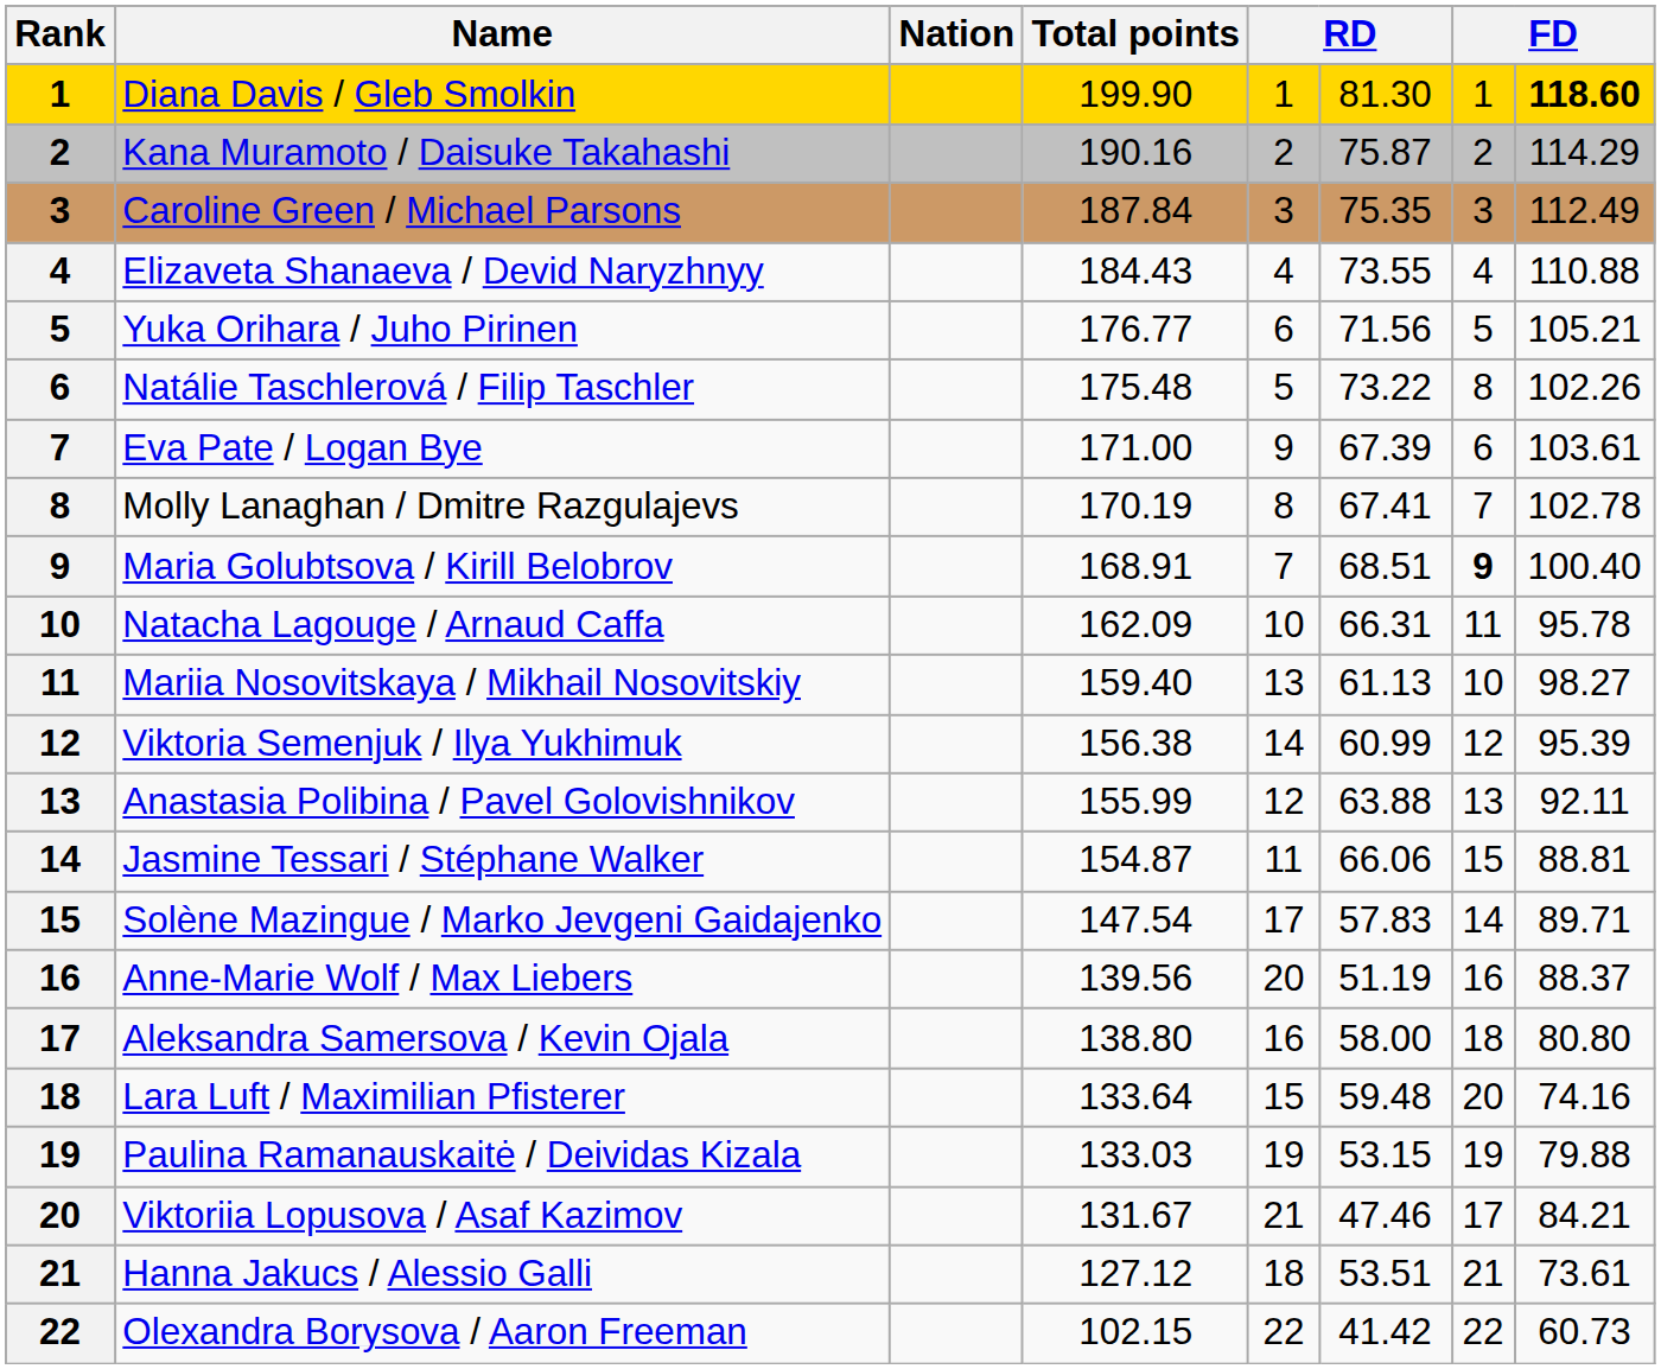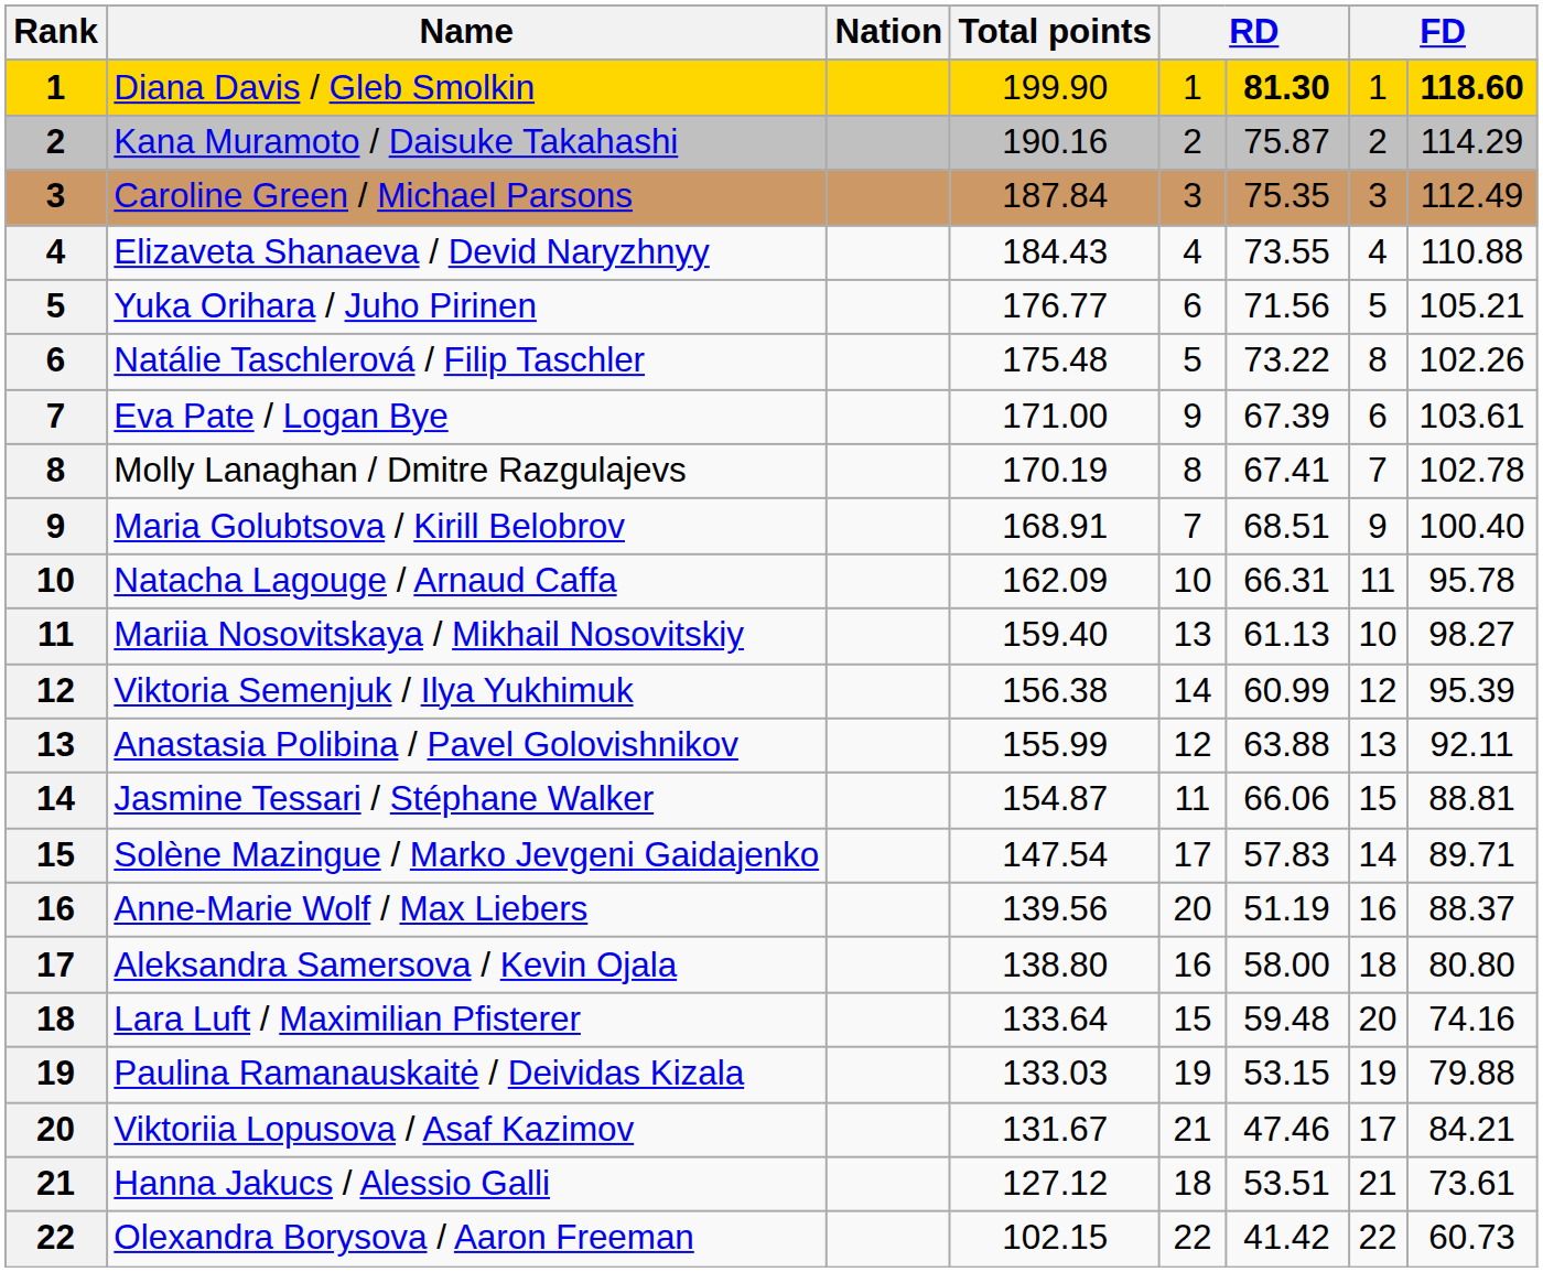 <table class="wikitable sortable">
 <tr>
 <th>Rank</th>
 <th>Name</th>
 <th>Nation</th>
 <th>Total points</th>
 <th colspan="2" width="80px"><a href='#'>RD</a></th>
 <th colspan="2" width="80px"><a href='#'>FD</a></th>
 </tr>
 <tr bgcolor="gold">
 <td align="center"><strong>1</strong></td>
 <td><a href='#'>Diana Davis</a> / <a href='#'>Gleb Smolkin</a></td>
 <td></td>
 <td align="center">199.90</td>
 <td align="center">1</td>
-<td align="center">81.30</td>
+<td align="center"><strong>81.30</strong></td>
 <td align="center">1</td>
 <td align="center"><strong>118.60</strong></td>
 </tr>
 <tr bgcolor="silver">
 <td align="center"><strong>2</strong></td>
 <td><a href='#'>Kana Muramoto</a> / <a href='#'>Daisuke Takahashi</a></td>
 <td></td>
 <td align="center">190.16</td>
 <td align="center">2</td>
 <td align="center">75.87</td>
 <td align="center">2</td>
 <td align="center">114.29</td>
 </tr>
 <tr bgcolor="cc9966">
 <td align="center"><strong>3</strong></td>
 <td><a href='#'>Caroline Green</a> / <a href='#'>Michael Parsons</a></td>
 <td></td>
 <td align="center">187.84</td>
 <td align="center">3</td>
 <td align="center">75.35</td>
 <td align="center">3</td>
 <td align="center">112.49</td>
 </tr>
 <tr>
 <th>4</th>
 <td><a href='#'>Elizaveta Shanaeva</a> / <a href='#'>Devid Naryzhnyy</a></td>
 <td></td>
 <td align="center">184.43</td>
 <td align="center">4</td>
 <td align="center">73.55</td>
 <td align="center">4</td>
 <td align="center">110.88</td>
 </tr>
 <tr>
 <th>5</th>
 <td><a href='#'>Yuka Orihara</a> / <a href='#'>Juho Pirinen</a></td>
 <td></td>
 <td align="center">176.77</td>
 <td align="center">6</td>
 <td align="center">71.56</td>
 <td align="center">5</td>
 <td align="center">105.21</td>
 </tr>
 <tr>
 <th>6</th>
 <td><a href='#'>Natálie Taschlerová</a> / <a href='#'>Filip Taschler</a></td>
 <td></td>
 <td align="center">175.48</td>
 <td align="center">5</td>
 <td align="center">73.22</td>
 <td align="center">8</td>
 <td align="center">102.26</td>
 </tr>
 <tr>
 <th>7</th>
 <td><a href='#'>Eva Pate</a> / <a href='#'>Logan Bye</a></td>
 <td></td>
 <td align="center">171.00</td>
 <td align="center">9</td>
 <td align="center">67.39</td>
 <td align="center">6</td>
 <td align="center">103.61</td>
 </tr>
 <tr>
 <th>8</th>
 <td>Molly Lanaghan / Dmitre Razgulajevs</td>
 <td></td>
 <td align="center">170.19</td>
 <td align="center">8</td>
 <td align="center">67.41</td>
 <td align="center">7</td>
 <td align="center">102.78</td>
 </tr>
 <tr>
 <th>9</th>
 <td><a href='#'>Maria Golubtsova</a> / <a href='#'>Kirill Belobrov</a></td>
 <td></td>
 <td align="center">168.91</td>
 <td align="center">7</td>
 <td align="center">68.51</td>
-<td align="center"><strong>9</strong></td>
+<td align="center">9</td>
 <td align="center">100.40</td>
 </tr>
 <tr>
 <th>10</th>
 <td><a href='#'>Natacha Lagouge</a> / <a href='#'>Arnaud Caffa</a></td>
 <td></td>
 <td align="center">162.09</td>
 <td align="center">10</td>
 <td align="center">66.31</td>
 <td align="center">11</td>
 <td align="center">95.78</td>
 </tr>
 <tr>
 <th>11</th>
 <td><a href='#'>Mariia Nosovitskaya</a> / <a href='#'>Mikhail Nosovitskiy</a></td>
 <td></td>
 <td align="center">159.40</td>
 <td align="center">13</td>
 <td align="center">61.13</td>
 <td align="center">10</td>
 <td align="center">98.27</td>
 </tr>
 <tr>
 <th>12</th>
 <td><a href='#'>Viktoria Semenjuk</a> / <a href='#'>Ilya Yukhimuk</a></td>
 <td></td>
 <td align="center">156.38</td>
 <td align="center">14</td>
 <td align="center">60.99</td>
 <td align="center">12</td>
 <td align="center">95.39</td>
 </tr>
 <tr>
 <th>13</th>
 <td><a href='#'>Anastasia Polibina</a> / <a href='#'>Pavel Golovishnikov</a></td>
 <td></td>
 <td align="center">155.99</td>
 <td align="center">12</td>
 <td align="center">63.88</td>
 <td align="center">13</td>
 <td align="center">92.11</td>
 </tr>
 <tr>
 <th>14</th>
 <td><a href='#'>Jasmine Tessari</a> / <a href='#'>Stéphane Walker</a></td>
 <td></td>
 <td align="center">154.87</td>
 <td align="center">11</td>
 <td align="center">66.06</td>
 <td align="center">15</td>
 <td align="center">88.81</td>
 </tr>
 <tr>
 <th>15</th>
 <td><a href='#'>Solène Mazingue</a> / <a href='#'>Marko Jevgeni Gaidajenko</a></td>
 <td></td>
 <td align="center">147.54</td>
 <td align="center">17</td>
 <td align="center">57.83</td>
 <td align="center">14</td>
 <td align="center">89.71</td>
 </tr>
 <tr>
 <th>16</th>
 <td><a href='#'>Anne-Marie Wolf</a> / <a href='#'>Max Liebers</a></td>
 <td></td>
 <td align="center">139.56</td>
 <td align="center">20</td>
 <td align="center">51.19</td>
 <td align="center">16</td>
 <td align="center">88.37</td>
 </tr>
 <tr>
 <th>17</th>
 <td><a href='#'>Aleksandra Samersova</a> / <a href='#'>Kevin Ojala</a></td>
 <td></td>
 <td align="center">138.80</td>
 <td align="center">16</td>
 <td align="center">58.00</td>
 <td align="center">18</td>
 <td align="center">80.80</td>
 </tr>
 <tr>
 <th>18</th>
 <td><a href='#'>Lara Luft</a> / <a href='#'>Maximilian Pfisterer</a></td>
 <td></td>
 <td align="center">133.64</td>
 <td align="center">15</td>
 <td align="center">59.48</td>
 <td align="center">20</td>
 <td align="center">74.16</td>
 </tr>
 <tr>
 <th>19</th>
 <td><a href='#'>Paulina Ramanauskaitė</a> / <a href='#'>Deividas Kizala</a></td>
 <td></td>
 <td align="center">133.03</td>
 <td align="center">19</td>
 <td align="center">53.15</td>
 <td align="center">19</td>
 <td align="center">79.88</td>
 </tr>
 <tr>
 <th>20</th>
 <td><a href='#'>Viktoriia Lopusova</a> / <a href='#'>Asaf Kazimov</a></td>
 <td></td>
 <td align="center">131.67</td>
 <td align="center">21</td>
 <td align="center">47.46</td>
 <td align="center">17</td>
 <td align="center">84.21</td>
 </tr>
 <tr>
 <th>21</th>
 <td><a href='#'>Hanna Jakucs</a> / <a href='#'>Alessio Galli</a></td>
 <td></td>
 <td align="center">127.12</td>
 <td align="center">18</td>
 <td align="center">53.51</td>
 <td align="center">21</td>
 <td align="center">73.61</td>
 </tr>
 <tr>
 <th>22</th>
 <td><a href='#'>Olexandra Borysova</a> / <a href='#'>Aaron Freeman</a></td>
 <td></td>
 <td align="center">102.15</td>
 <td align="center">22</td>
 <td align="center">41.42</td>
 <td align="center">22</td>
 <td align="center">60.73</td>
 </tr>
 </table>
